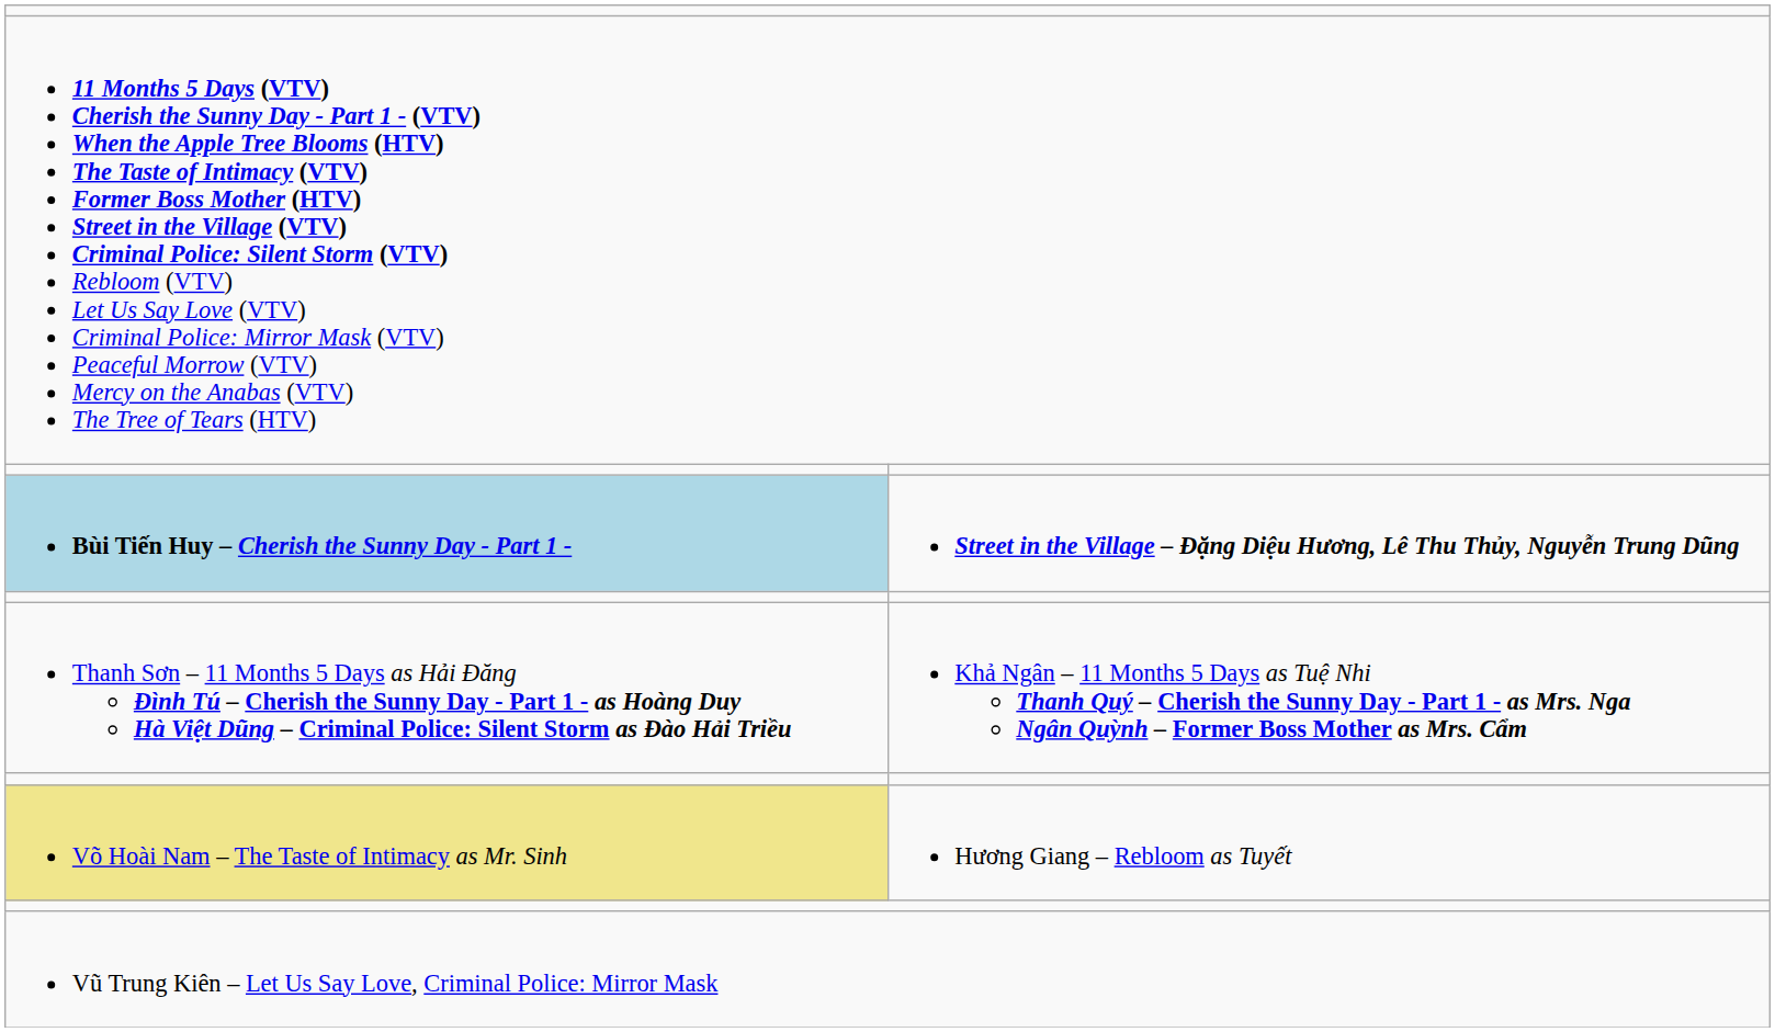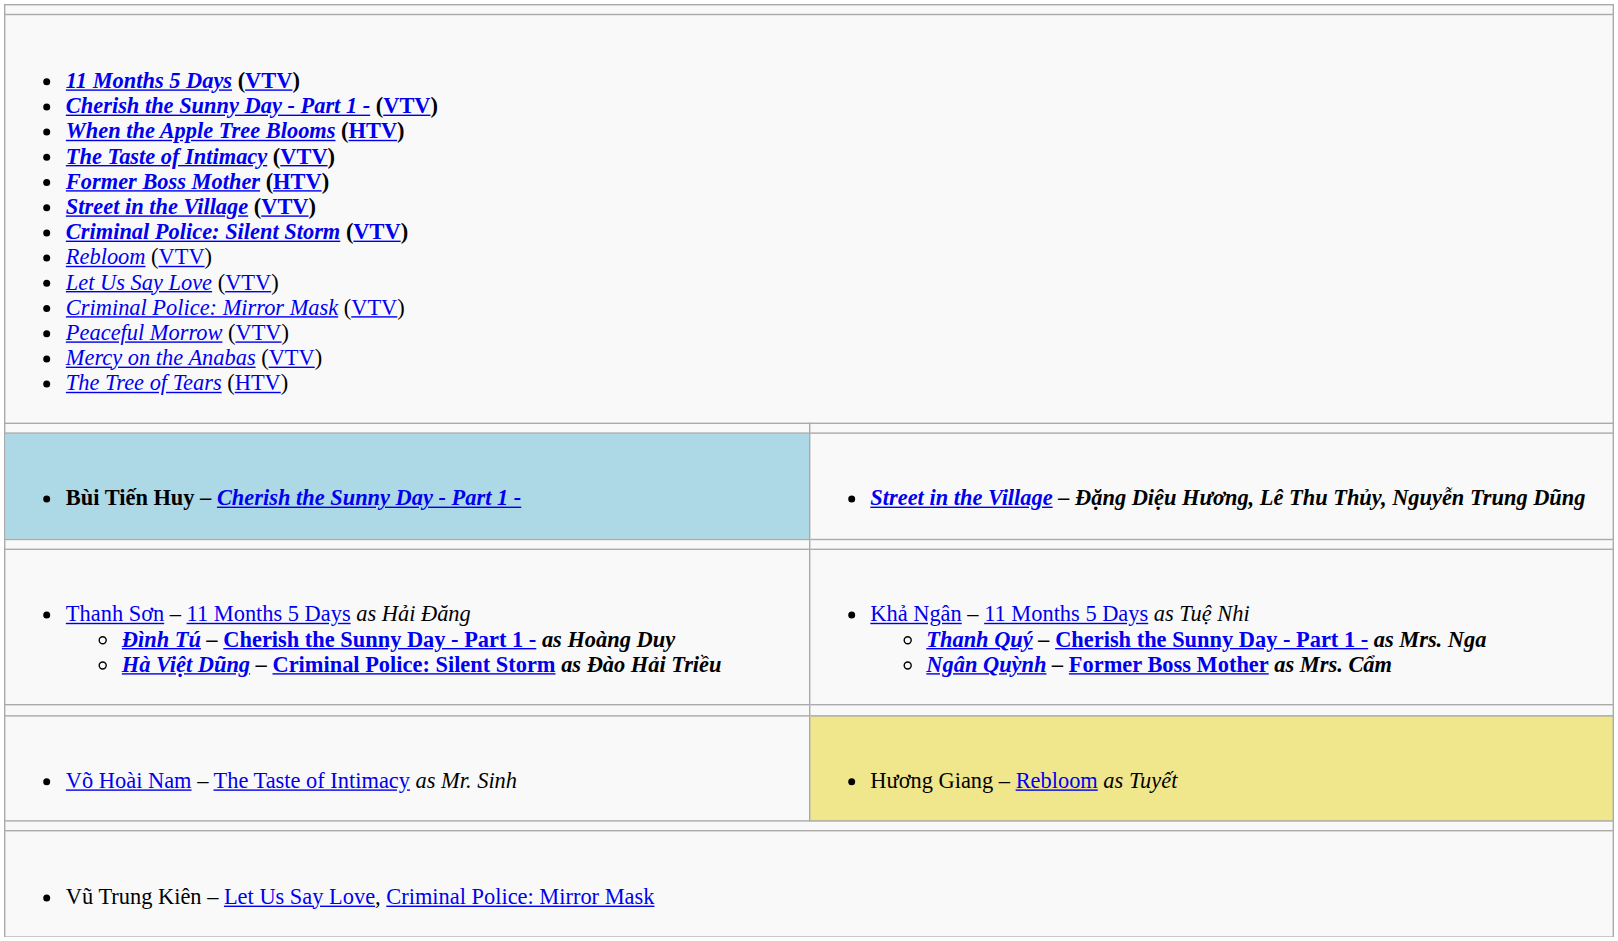 <table class="wikitable" align="center" style="width:91%;">
 <tr>
 <td colspan="2" style="vertical-align:top; width:100%;"></td>
 </tr>
 <tr>
 <td colspan="2" valign="top"><br><ul><li><strong><em><span><a href='#'>11 Months 5 Days</a></span></em></strong> <strong>(<a href='#'>VTV</a>)</strong> </li><li><strong><em><span><a href='#'>Cherish the Sunny Day - Part 1 -</a></span></em></strong> <strong>(<a href='#'>VTV</a>)</strong> </li><li><strong><em><span><a href='#'>When the Apple Tree Blooms</a></span></em></strong> <strong>(<a href='#'>HTV</a>)</strong> </li><li><strong><em><span><a href='#'>The Taste of Intimacy</a></span></em></strong> <strong>(<a href='#'>VTV</a>)</strong> </li><li><strong><em><span><a href='#'>Former Boss Mother</a></span></em></strong> <strong>(<a href='#'>HTV</a>)</strong> </li><li><strong><em><span><a href='#'>Street in the Village</a></span></em></strong> <strong>(<a href='#'>VTV</a>)</strong> </li><li><strong><em><span><a href='#'>Criminal Police: Silent Storm</a></span></em></strong> <strong>(<a href='#'>VTV</a>)</strong> </li><li><em><a href='#'>Rebloom</a></em> (<a href='#'>VTV</a>)</li><li><em><a href='#'>Let Us Say Love</a></em> (<a href='#'>VTV</a>)</li><li><em><a href='#'>Criminal Police: Mirror Mask</a></em> (<a href='#'>VTV</a>)</li><li><em><a href='#'>Peaceful Morrow</a></em> (<a href='#'>VTV</a>)</li><li><em><a href='#'>Mercy on the Anabas</a></em> (<a href='#'>VTV</a>)</li><li><em><a href='#'>The Tree of Tears</a></em> (<a href='#'>HTV</a>)</li></ul></td>
 </tr>
 <tr>
 <td style="vertical-align:top; width:50%;"></td>
 <td style="vertical-align:top; width:50%;"></td>
 </tr>
 <tr>
 <td valign="top" style="background: lightblue;"><br><ul><li><strong>Bùi Tiến Huy – <em><a href='#'>Cherish the Sunny Day - Part 1 -</a></em> </strong></li></ul></td>
 <td valign="top"><br><ul><li><strong><em><a href='#'>Street in the Village</a><em> – Đặng Diệu Hương, Lê Thu Thủy, Nguyễn Trung Dũng <strong></li></ul></td>
 </tr>
 <tr>
 <td style="vertical-align:top; width:50%;"></td>
 <td style="vertical-align:top; width:50%;"></td>
 </tr>
 <tr>
 <td valign="top"><br><ul><li></strong><a href='#'>Thanh Sơn</a> – </em><a href='#'>11 Months 5 Days</a><em> as Hải Đăng <strong><ul><li><a href='#'>Đình Tú</a> – </em><a href='#'>Cherish the Sunny Day - Part 1 -</a><em> as Hoàng Duy</li><li><a href='#'>Hà Việt Dũng</a> – </em><a href='#'>Criminal Police: Silent Storm</a><em> as Đào Hải Triều</li></ul></li></ul></td>
 <td valign="top"><br><ul><li></strong><a href='#'>Khả Ngân</a> – </em><a href='#'>11 Months 5 Days</a><em> as Tuệ Nhi <strong><ul><li><a href='#'>Thanh Quý</a> – </em><a href='#'>Cherish the Sunny Day - Part 1 -</a><em> as Mrs. Nga</li><li><a href='#'>Ngân Quỳnh</a> – </em><a href='#'>Former Boss Mother</a><em> as Mrs. Cẩm</li></ul></li></ul></td>
 </tr>
 <tr>
 <td style="vertical-align:top; width:50%;"></td>
 <td style="vertical-align:top; width:50%;"></td>
 </tr>
 <tr>
-<td valign="top" style="background: khaki;"><br><ul><li></strong><a href='#'>Võ Hoài Nam</a> – </em><a href='#'>The Taste of Intimacy</a><em> as Mr. Sinh<strong></li></ul></td>
-<td valign="top"><br><ul><li></strong>Hương Giang – </em><a href='#'>Rebloom</a><em> as Tuyết <strong></li></ul></td>
+<td valign="top"><br><ul><li></strong><a href='#'>Võ Hoài Nam</a> – </em><a href='#'>The Taste of Intimacy</a><em> as Mr. Sinh<strong></li></ul></td>
+<td valign="top" style="background: khaki;"><br><ul><li></strong>Hương Giang – </em><a href='#'>Rebloom</a><em> as Tuyết <strong></li></ul></td>
 </tr>
 <tr>
 <td colspan="2" style="vertical-align:top; width:100%;"></td>
 </tr>
 <tr>
 <td colspan="2" valign="top"><br><ul><li></strong> Vũ Trung Kiên – </em><a href='#'>Let Us Say Love</a><em>, </em><a href='#'>Criminal Police: Mirror Mask</a><em> <strong></li></ul></td>
 </tr>
 </table>
